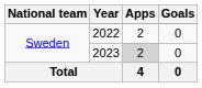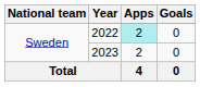 <table class="wikitable" style="text-align:center">
 <tr>
 <th>National team</th>
 <th>Year</th>
 <th>Apps</th>
 <th>Goals</th>
 </tr>
 <tr>
 <td rowspan="3"><a href='#'>Sweden</a></td>
 </tr>
 <tr>
 <td>2022</td>
-<td>2</td>
+<td style="background: paleturquoise;">2</td>
 <td>0</td>
 </tr>
 <tr>
 <td>2023</td>
-<td style="background: lightgrey;">2</td>
+<td>2</td>
 <td>0</td>
 </tr>
 <tr>
 <th colspan="2">Total</th>
 <th>4</th>
 <th>0</th>
 </tr>
 </table>
